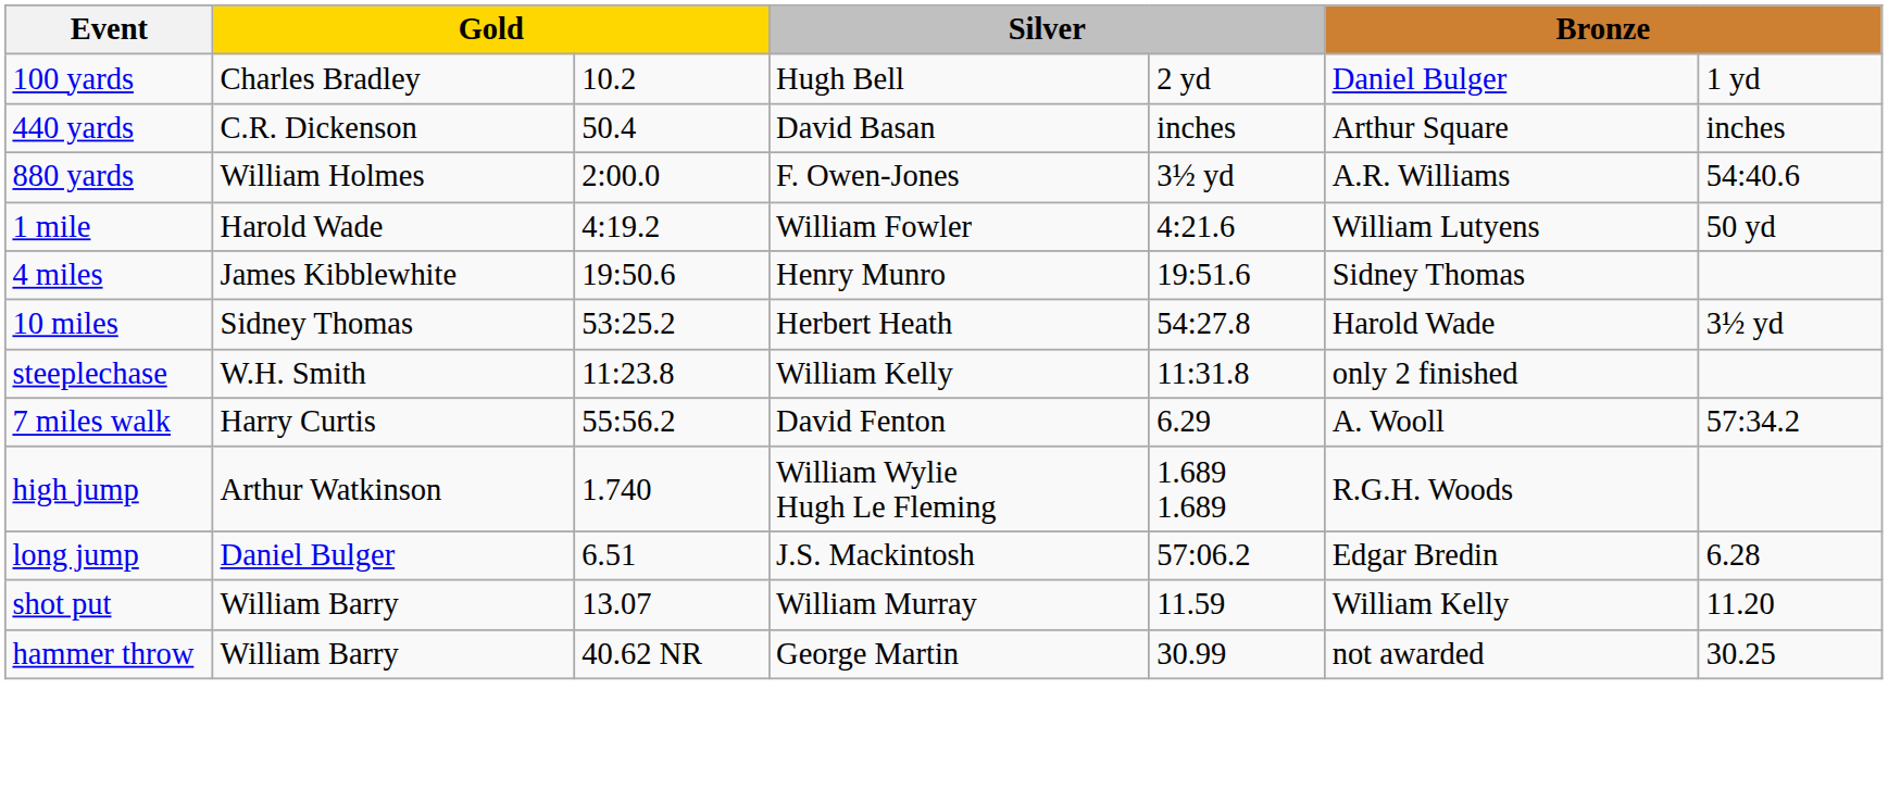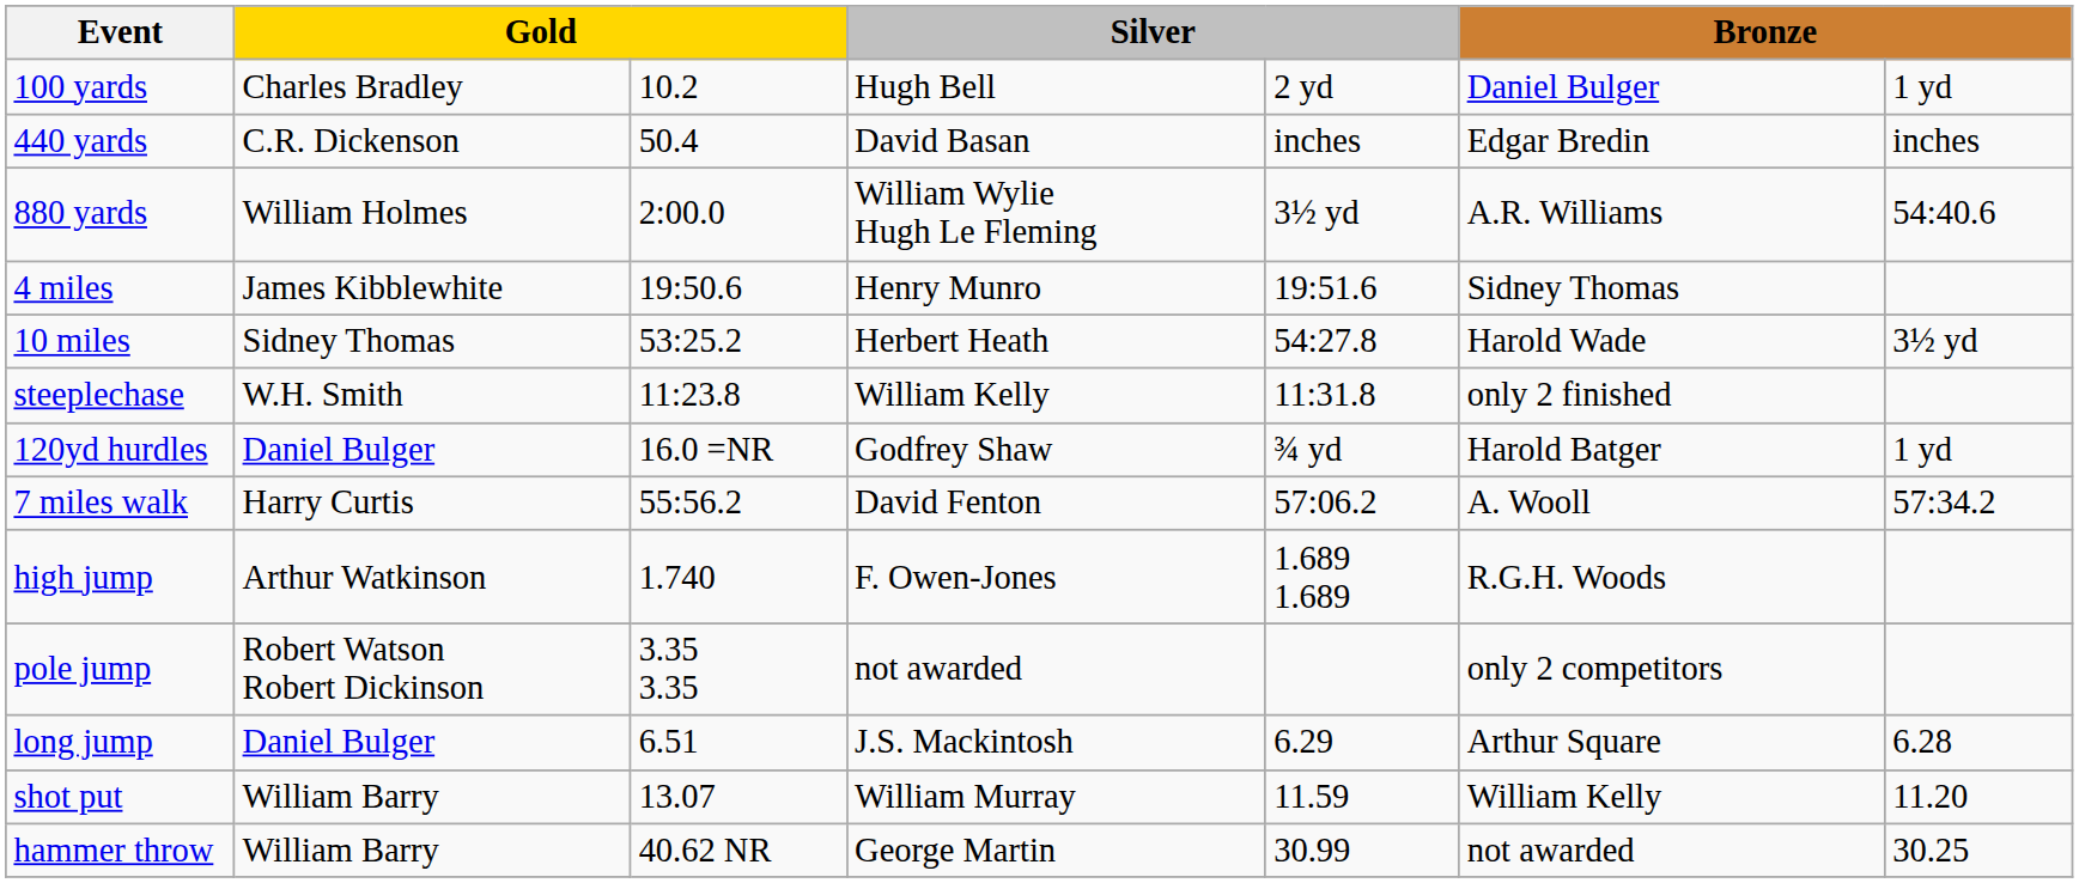 <table class="wikitable" style="text-align:left">
 <tr>
 <th width=100>Event</th>
 <th colspan="2" width="280" style="background:gold;">Gold</th>
 <th colspan="2" width="280" style="background:silver;">Silver</th>
 <th colspan="2" width="280" style="background:#CD7F32;">Bronze</th>
 </tr>
 <tr>
 <td><a href='#'>100 yards</a></td>
 <td>Charles Bradley</td>
 <td>10.2</td>
 <td>Hugh Bell</td>
 <td>2 yd</td>
 <td> <a href='#'>Daniel Bulger</a></td>
 <td>1 yd</td>
 </tr>
 <tr>
 <td><a href='#'>440 yards</a></td>
 <td> C.R. Dickenson</td>
 <td>50.4</td>
 <td>David Basan</td>
 <td>inches</td>
-<td>Arthur Square</td>
+<td> Edgar Bredin</td>
 <td>inches</td>
 </tr>
 <tr>
 <td><a href='#'>880 yards</a></td>
 <td>William Holmes</td>
 <td>2:00.0</td>
-<td>F. Owen-Jones</td>
+<td>William Wylie <br> Hugh Le Fleming</td>
 <td>3½ yd</td>
 <td>A.R. Williams</td>
 <td>54:40.6</td>
-</tr>
-<tr>
-<td><a href='#'>1 mile</a></td>
-<td>Harold Wade</td>
-<td>4:19.2</td>
-<td>William Fowler</td>
-<td>4:21.6</td>
-<td>William Lutyens</td>
-<td>50 yd</td>
 </tr>
 <tr>
 <td><a href='#'>4 miles</a></td>
 <td>James Kibblewhite</td>
 <td>19:50.6</td>
 <td> Henry Munro</td>
 <td>19:51.6</td>
 <td>Sidney Thomas</td>
 <td></td>
 </tr>
 <tr>
 <td><a href='#'>10 miles</a></td>
 <td>Sidney Thomas</td>
 <td>53:25.2</td>
 <td>Herbert Heath</td>
 <td>54:27.8</td>
 <td>Harold Wade</td>
 <td>3½ yd</td>
 </tr>
 <tr>
 <td><a href='#'>steeplechase</a></td>
 <td>W.H. Smith</td>
 <td>11:23.8</td>
 <td> William Kelly</td>
 <td>11:31.8</td>
 <td>only 2 finished</td>
 <td></td>
 </tr>
 <tr>
+<td><a href='#'>120yd hurdles</a></td>
+<td> <a href='#'>Daniel Bulger</a></td>
+<td>16.0 =NR</td>
+<td>Godfrey Shaw</td>
+<td>¾ yd</td>
+<td> Harold Batger</td>
+<td>1 yd</td>
+</tr>
+<tr>
 <td><a href='#'>7 miles walk</a></td>
 <td>Harry Curtis</td>
 <td>55:56.2</td>
 <td>David Fenton</td>
-<td>6.29</td>
+<td>57:06.2</td>
 <td>A. Wooll</td>
 <td>57:34.2</td>
 </tr>
 <tr>
 <td><a href='#'>high jump</a></td>
 <td>Arthur Watkinson</td>
 <td>1.740</td>
-<td>William Wylie <br> Hugh Le Fleming</td>
+<td>F. Owen-Jones</td>
 <td>1.689<br>1.689</td>
 <td>R.G.H. Woods</td>
+<td></td>
+</tr>
+<tr>
+<td><a href='#'>pole jump</a></td>
+<td>Robert Watson<br>Robert Dickinson</td>
+<td>3.35<br>3.35</td>
+<td>not awarded</td>
+<td></td>
+<td>only 2 competitors</td>
 <td></td>
 </tr>
 <tr>
 <td><a href='#'>long jump</a></td>
 <td> <a href='#'>Daniel Bulger</a></td>
 <td>6.51</td>
 <td>J.S. Mackintosh</td>
-<td>57:06.2</td>
-<td> Edgar Bredin</td>
+<td>6.29</td>
+<td>Arthur Square</td>
 <td>6.28</td>
 </tr>
 <tr>
 <td><a href='#'>shot put</a></td>
 <td> William Barry</td>
 <td>13.07</td>
 <td>William Murray</td>
 <td>11.59</td>
 <td> William Kelly</td>
 <td>11.20</td>
 </tr>
 <tr>
 <td><a href='#'>hammer throw</a></td>
 <td> William Barry</td>
 <td>40.62 NR</td>
 <td>George Martin</td>
 <td>30.99</td>
 <td>not awarded</td>
 <td>30.25</td>
 </tr>
 </table>
